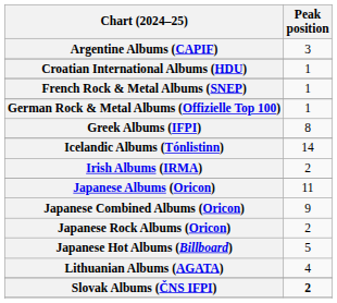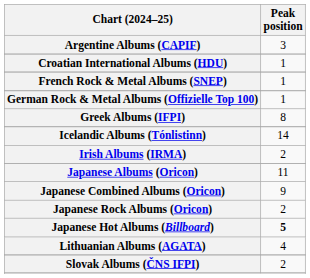 <table class="wikitable sortable plainrowheaders" style="text-align:center;">
 <tr>
 <th scope="col">Chart (2024–25)</th>
 <th scope="col">Peak<br>position</th>
 </tr>
 <tr>
 <th scope="row">Argentine Albums (<a href='#'>CAPIF</a>)</th>
 <td>3</td>
 </tr>
 <tr>
 </tr>
 <tr>
 </tr>
 <tr>
 </tr>
 <tr>
 </tr>
 <tr>
 </tr>
 <tr>
 <th scope="row">Croatian International Albums (<a href='#'>HDU</a>)</th>
 <td>1</td>
 </tr>
 <tr>
 </tr>
 <tr>
 </tr>
 <tr>
 </tr>
 <tr>
 </tr>
 <tr>
 </tr>
 <tr>
 <th scope="row">French Rock & Metal Albums (<a href='#'>SNEP</a>)</th>
 <td>1</td>
 </tr>
 <tr>
 </tr>
 <tr>
 <th scope="row">German Rock & Metal Albums (<a href='#'>Offizielle Top 100</a>)</th>
 <td>1</td>
 </tr>
 <tr>
 <th scope="row">Greek Albums (<a href='#'>IFPI</a>)</th>
 <td>8</td>
 </tr>
 <tr>
 </tr>
 <tr>
 <th scope="row">Icelandic Albums (<a href='#'>Tónlistinn</a>)</th>
 <td>14</td>
 </tr>
 <tr>
 <th scope="row"><a href='#'>Irish Albums</a> (<a href='#'>IRMA</a>)</th>
 <td>2</td>
 </tr>
 <tr>
 </tr>
 <tr>
 <th scope="row"><a href='#'>Japanese Albums</a> (<a href='#'>Oricon</a>)</th>
 <td>11</td>
 </tr>
 <tr>
 <th scope="row">Japanese Combined Albums (<a href='#'>Oricon</a>)</th>
 <td>9</td>
 </tr>
 <tr>
 <th scope="row">Japanese Rock Albums (<a href='#'>Oricon</a>)</th>
 <td>2</td>
 </tr>
 <tr>
 <th scope="row">Japanese Hot Albums (<em><a href='#'>Billboard</a></em>)</th>
-<td>5</td>
+<td><strong>5</strong></td>
 </tr>
 <tr>
 <th scope="row">Lithuanian Albums (<a href='#'>AGATA</a>)</th>
 <td>4</td>
 </tr>
 <tr>
 </tr>
 <tr>
 </tr>
 <tr>
 </tr>
 <tr>
 </tr>
 <tr>
 </tr>
 <tr>
 <th scope="row">Slovak Albums (<a href='#'>ČNS IFPI</a>)</th>
-<td><strong>2</strong></td>
+<td>2</td>
 </tr>
 <tr>
 </tr>
 <tr>
 </tr>
 <tr>
 </tr>
 <tr>
 </tr>
 <tr>
 </tr>
 <tr>
 </tr>
 <tr>
 </tr>
 </table>
